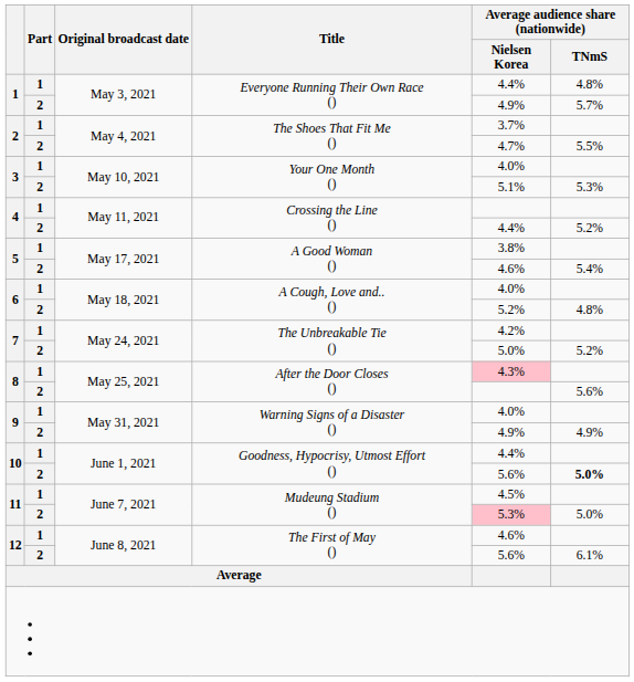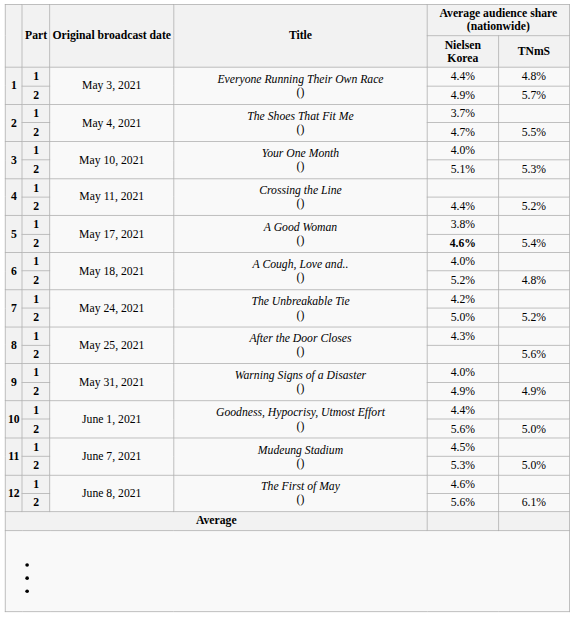 <table class="wikitable" style="text-align:center; margin-left: auto; margin-right: auto; border: none;">
 <tr>
 </tr>
 <tr>
 <th rowspan="2"></th>
 <th rowspan="2">Part</th>
 <th rowspan="2">Original broadcast date</th>
 <th rowspan="2" width="340">Title</th>
 <th colspan="2">Average audience share (nationwide)</th>
 </tr>
 <tr>
 <th width="90">Nielsen Korea</th>
 <th width="90">TNmS</th>
 </tr>
 <tr>
 <th rowspan="2">1</th>
 <th>1</th>
 <td rowspan="2">May 3, 2021</td>
 <td rowspan="2"><em>Everyone Running Their Own Race</em><br>()</td>
 <td>4.4% </td>
 <td>4.8% </td>
 </tr>
 <tr>
 <th>2</th>
 <td>4.9% </td>
 <td>5.7% </td>
 </tr>
 <tr>
 <th rowspan="2">2</th>
 <th>1</th>
 <td rowspan="2">May 4, 2021</td>
 <td rowspan="2"><em>The Shoes That Fit Me</em><br>()</td>
 <td>3.7% </td>
 <td></td>
 </tr>
 <tr>
 <th>2</th>
 <td>4.7% </td>
 <td>5.5% </td>
 </tr>
 <tr>
 <th rowspan="2">3</th>
 <th>1</th>
 <td rowspan="2">May 10, 2021</td>
 <td rowspan="2"><em>Your One Month</em><br>()</td>
 <td>4.0% </td>
 <td></td>
 </tr>
 <tr>
 <th>2</th>
 <td>5.1% </td>
 <td>5.3% </td>
 </tr>
 <tr>
 <th rowspan="2">4</th>
 <th>1</th>
 <td rowspan="2">May 11, 2021</td>
 <td rowspan="2"><em>Crossing the Line</em><br>()</td>
 <td><strong></strong> </td>
 <td></td>
 </tr>
 <tr>
 <th>2</th>
 <td>4.4% </td>
 <td>5.2% </td>
 </tr>
 <tr>
 <th rowspan="2">5</th>
 <th>1</th>
 <td rowspan="2">May 17, 2021</td>
 <td rowspan="2"><em>A Good Woman</em><br>()</td>
 <td>3.8% </td>
 <td></td>
 </tr>
 <tr>
 <th>2</th>
-<td>4.6% </td>
+<td><strong>4.6% </strong></td>
 <td>5.4% </td>
 </tr>
 <tr>
 <th rowspan="2">6</th>
 <th>1</th>
 <td rowspan="2">May 18, 2021</td>
 <td rowspan="2"><em>A Cough, Love and..</em><br>()</td>
 <td>4.0% </td>
 <td></td>
 </tr>
 <tr>
 <th>2</th>
 <td>5.2% </td>
 <td>4.8% </td>
 </tr>
 <tr>
 <th rowspan="2">7</th>
 <th>1</th>
 <td rowspan="2">May 24, 2021</td>
 <td rowspan="2"><em>The Unbreakable Tie</em><br>()</td>
 <td>4.2% </td>
 <td></td>
 </tr>
 <tr>
 <th>2</th>
 <td>5.0% </td>
 <td>5.2% </td>
 </tr>
 <tr>
 <th rowspan="2">8</th>
 <th>1</th>
 <td rowspan="2">May 25, 2021</td>
 <td rowspan="2"><em>After the Door Closes</em><br>()</td>
-<td style="background: pink;">4.3% </td>
+<td>4.3% </td>
 <td></td>
 </tr>
 <tr>
 <th>2</th>
 <td><strong></strong> </td>
 <td>5.6% </td>
 </tr>
 <tr>
 <th rowspan="2">9</th>
 <th>1</th>
 <td rowspan="2">May 31, 2021</td>
 <td rowspan="2"><em>Warning Signs of a Disaster</em><br>()</td>
 <td>4.0% </td>
 <td></td>
 </tr>
 <tr>
 <th>2</th>
 <td>4.9% </td>
 <td>4.9% </td>
 </tr>
 <tr>
 <th rowspan="2">10</th>
 <th>1</th>
 <td rowspan="2">June 1, 2021</td>
 <td rowspan="2"><em>Goodness, Hypocrisy, Utmost Effort</em><br>()</td>
 <td>4.4% </td>
 <td></td>
 </tr>
 <tr>
 <th>2</th>
 <td>5.6% </td>
-<td><strong>5.0% </strong></td>
+<td>5.0% </td>
 </tr>
 <tr>
 <th rowspan="2">11</th>
 <th>1</th>
 <td rowspan="2">June 7, 2021</td>
 <td rowspan="2"><em>Mudeung Stadium</em><br>()</td>
 <td>4.5% </td>
 <td></td>
 </tr>
 <tr>
 <th>2</th>
-<td style="background: pink;">5.3% </td>
+<td>5.3% </td>
 <td>5.0% </td>
 </tr>
 <tr>
 <th rowspan="2">12</th>
 <th>1</th>
 <td rowspan="2">June 8, 2021</td>
 <td rowspan="2"><em>The First of May</em><br>()</td>
 <td>4.6% </td>
 <td></td>
 </tr>
 <tr>
 <th>2</th>
 <td>5.6% </td>
 <td>6.1% </td>
 </tr>
 <tr>
 <th colspan="4">Average</th>
 <th></th>
 <th></th>
 </tr>
 <tr>
 <td colspan="6"><br><ul><li></li><li></li><li></li></ul></td>
 </tr>
 </table>
